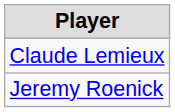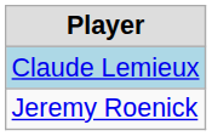 <table class="wikitable">
 <tr align="center"  bgcolor="#dddddd">
 <td><strong>Player</strong></td>
 </tr>
 <tr>
-<td><a href='#'>Claude Lemieux</a></td>
+<td style="background: lightblue;"><a href='#'>Claude Lemieux</a></td>
 </tr>
 <tr>
 <td><a href='#'>Jeremy Roenick</a></td>
 </tr>
 </table>
